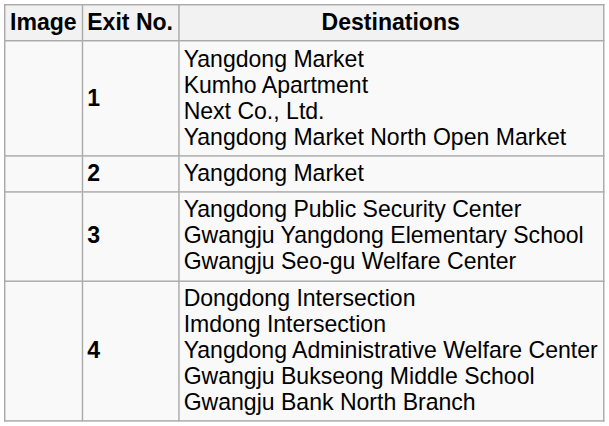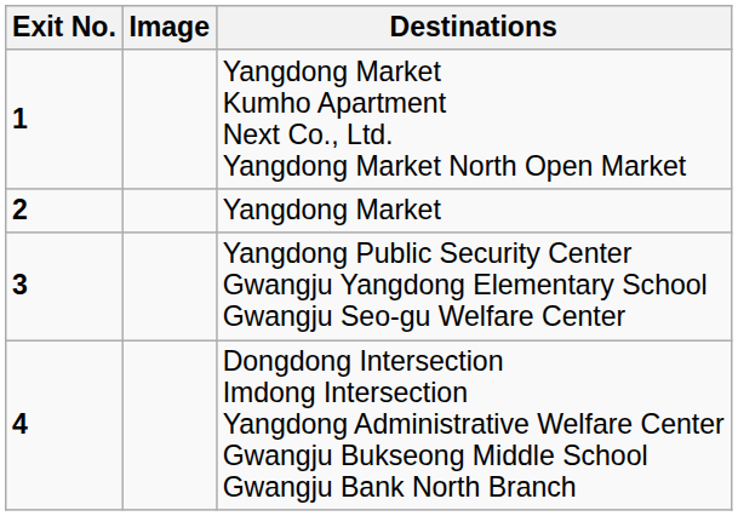 <table class="wikitable">
 <tr>
+<th>Exit No.</th>
 <th>Image</th>
-<th>Exit No.</th>
 <th>Destinations</th>
 </tr>
 <tr>
+<td><strong>1</strong></td>
 <td></td>
-<td><strong>1</strong></td>
 <td>Yangdong Market<br>Kumho Apartment<br>Next Co., Ltd.<br>Yangdong Market North Open Market</td>
 </tr>
 <tr>
+<td><strong>2</strong></td>
 <td></td>
-<td><strong>2</strong></td>
 <td>Yangdong Market</td>
 </tr>
 <tr>
+<td><strong>3</strong></td>
 <td></td>
-<td><strong>3</strong></td>
 <td>Yangdong Public Security Center<br>Gwangju Yangdong Elementary School<br>Gwangju Seo-gu Welfare Center</td>
 </tr>
 <tr>
+<td><strong>4</strong></td>
 <td></td>
-<td><strong>4</strong></td>
 <td>Dongdong Intersection<br>Imdong Intersection<br>Yangdong Administrative Welfare Center<br>Gwangju Bukseong Middle School<br>Gwangju Bank North Branch</td>
 </tr>
 </table>
